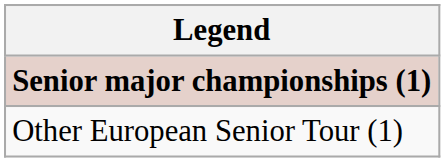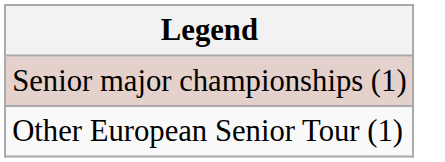 <table class="wikitable" style="font-size:95%;">
 <tr>
 <th>Legend</th>
 </tr>
 <tr style="background:#e5d1cb;">
-<td><strong>Senior major championships (1)</strong></td>
+<td>Senior major championships (1)</td>
 </tr>
 <tr>
 <td>Other European Senior Tour (1)</td>
 </tr>
 </table>
